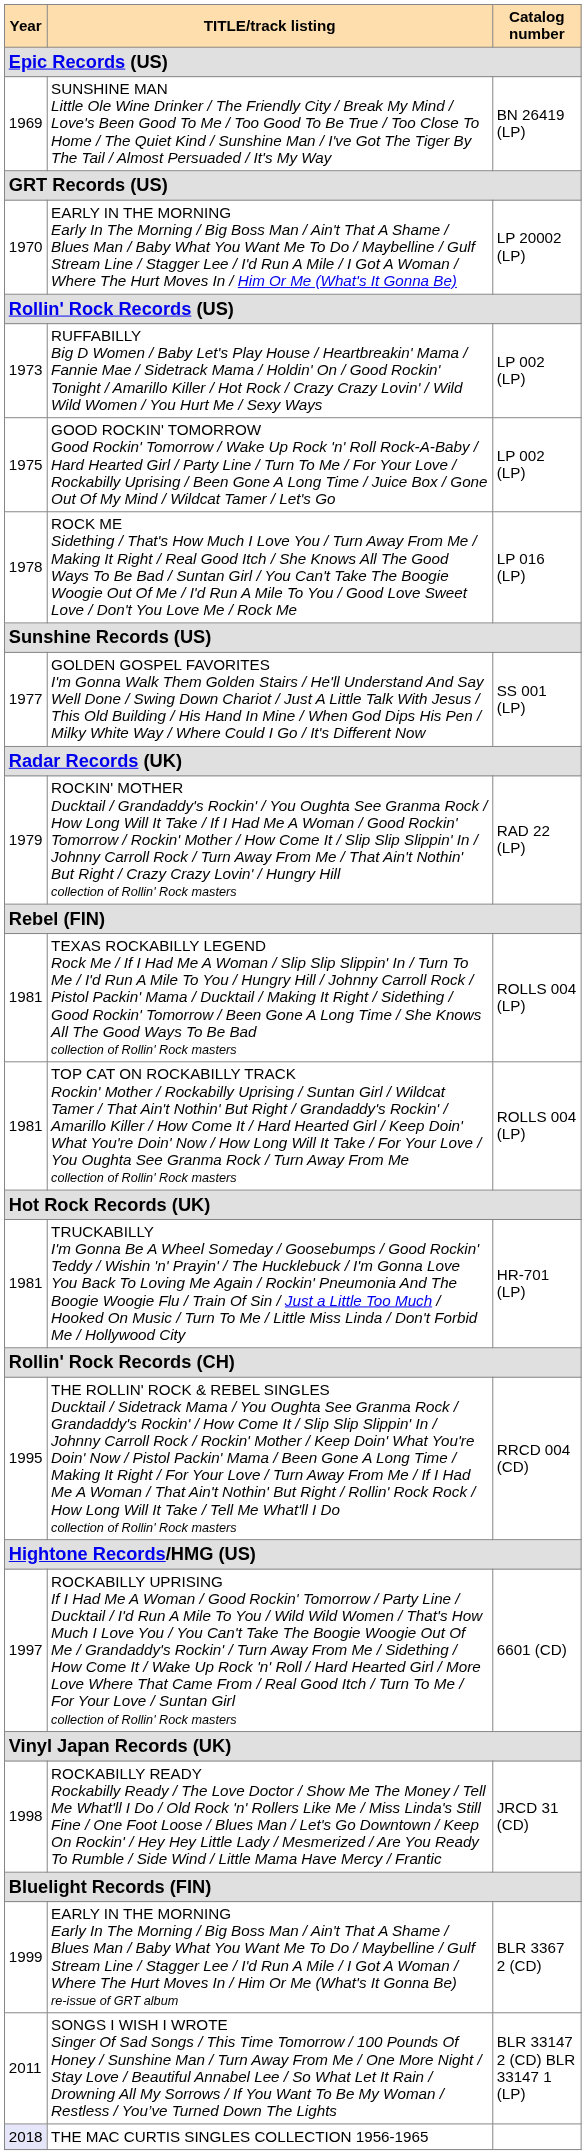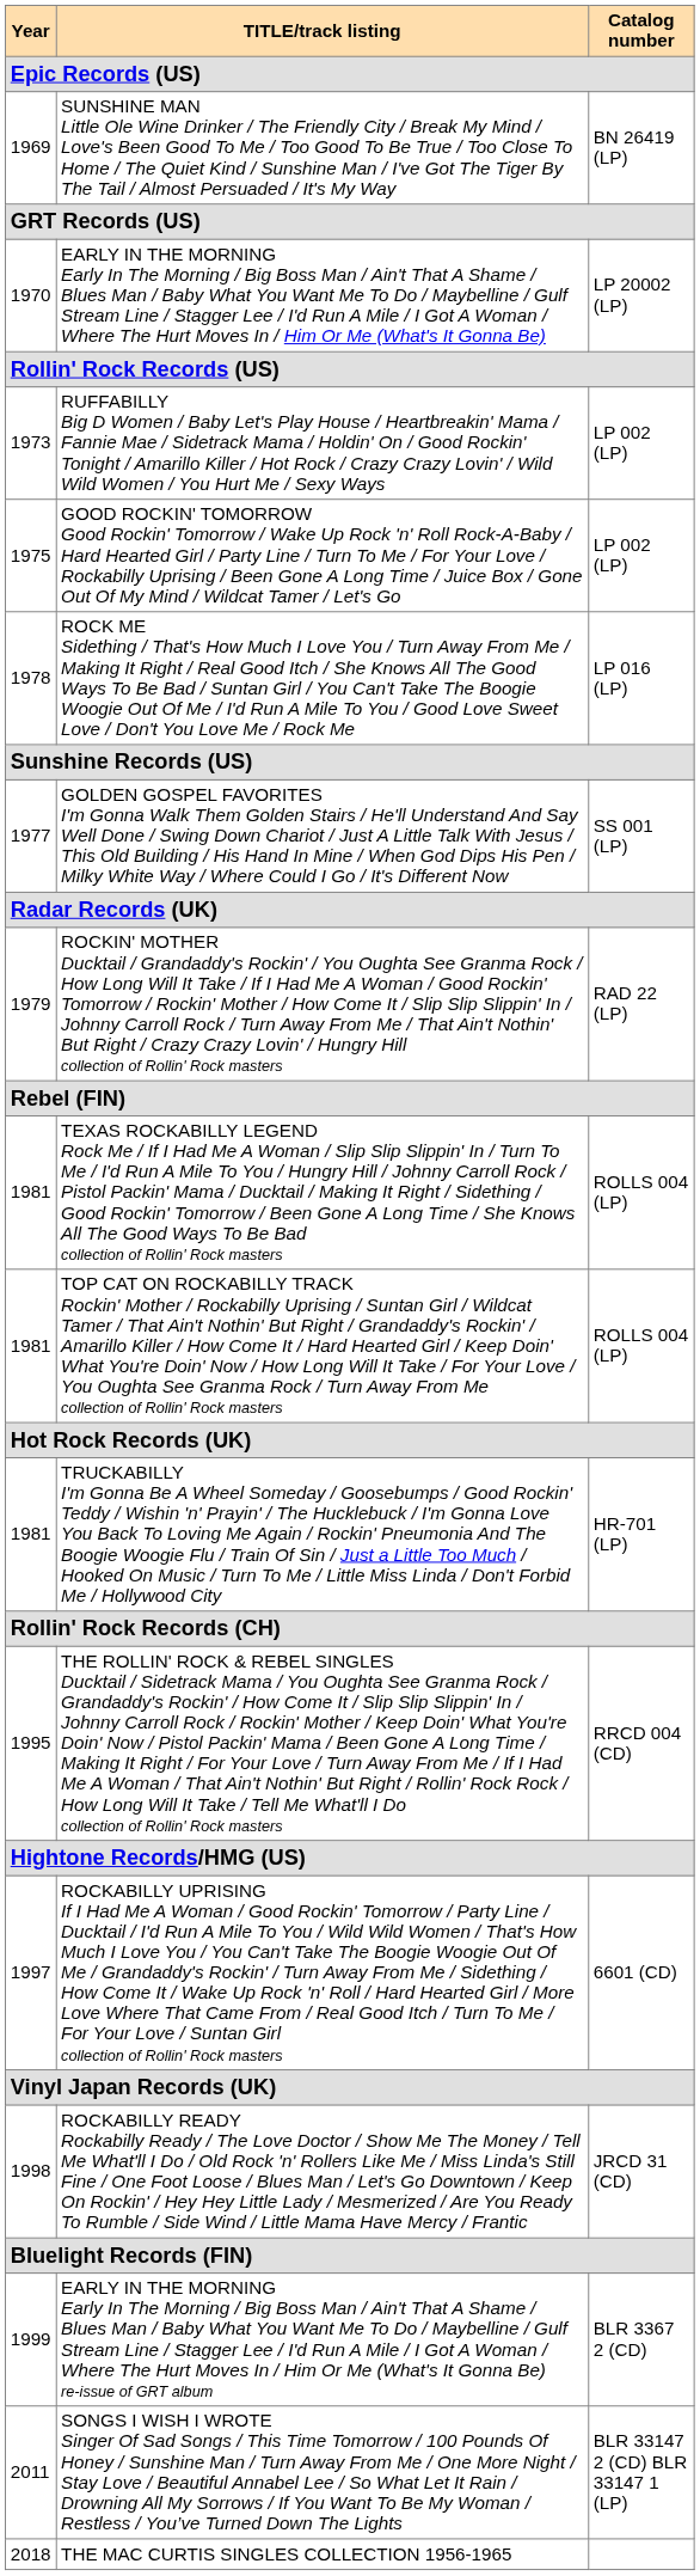 <table border="2" cellspacing="0" cellpadding="4" rules="all"  style="margin:1em 1em 1em 0; border-style:solid; border-width:1px; border-collapse:collapse; empty-cells:show;  ">
 <tr bgcolor='#FFDEAD'>
 <th>Year</th>
 <th>TITLE/track listing</th>
 <th>Catalog number</th>
 </tr>
 <tr --->
 <td bgcolor='#E0E0E0' colspan='4' align='left'><big><strong><a href='#'>Epic Records</a> (US)</strong></big></td>
 </tr>
 <tr --->
 <td>1969</td>
 <td>SUNSHINE MAN<br><em>Little Ole Wine Drinker / The Friendly City / Break My Mind / Love's Been Good To Me / Too Good To Be True / Too Close To Home / The Quiet Kind / Sunshine Man / I've Got The Tiger By The Tail / Almost Persuaded / It's My Way</em></td>
 <td>BN 26419 (LP)</td>
 </tr>
 <tr --->
 <td bgcolor='#E0E0E0' colspan='4' align='left'><big><strong>GRT Records (US)</strong></big></td>
 </tr>
 <tr --->
 <td>1970</td>
 <td>EARLY IN THE MORNING<br><em>Early In The Morning / Big Boss Man / Ain't That A Shame / Blues Man / Baby What You Want Me To Do / Maybelline / Gulf Stream Line / Stagger Lee / I'd Run A Mile / I Got A Woman / Where The Hurt Moves In / <a href='#'>Him Or Me (What's It Gonna Be)</a></em></td>
 <td>LP 20002 (LP)</td>
 </tr>
 <tr --->
 <td bgcolor='#E0E0E0' colspan='4' align='left'><big><strong><a href='#'>Rollin' Rock Records</a> (US)</strong></big></td>
 </tr>
 <tr --->
 <td>1973</td>
 <td>RUFFABILLY<br><em>Big D Women / Baby Let's Play House / Heartbreakin' Mama / Fannie Mae / Sidetrack Mama / Holdin' On / Good Rockin' Tonight / Amarillo Killer / Hot Rock / Crazy Crazy Lovin' / Wild Wild Women / You Hurt Me / Sexy Ways</em></td>
 <td>LP 002 (LP)</td>
 </tr>
 <tr --->
 <td>1975</td>
 <td>GOOD ROCKIN' TOMORROW<br><em>Good Rockin' Tomorrow / Wake Up Rock 'n' Roll Rock-A-Baby / Hard Hearted Girl / Party Line / Turn To Me / For Your Love / Rockabilly Uprising / Been Gone A Long Time / Juice Box / Gone Out Of My Mind / Wildcat Tamer / Let's Go</em></td>
 <td>LP 002 (LP)</td>
 </tr>
 <tr --->
 <td>1978</td>
 <td>ROCK ME<br><em>Sidething / That's How Much I Love You / Turn Away From Me / Making It Right / Real Good Itch / She Knows All The Good Ways To Be Bad / Suntan Girl / You Can't Take The Boogie Woogie Out Of Me / I'd Run A Mile To You / Good Love Sweet Love / Don't You Love Me / Rock Me</em></td>
 <td>LP 016 (LP)</td>
 </tr>
 <tr --->
 <td bgcolor='#E0E0E0' colspan='4' align='left'><big><strong>Sunshine Records (US)</strong></big></td>
 </tr>
 <tr --->
 <td>1977</td>
 <td>GOLDEN GOSPEL FAVORITES<br><em>I'm Gonna Walk Them Golden Stairs / He'll Understand And Say Well Done / Swing Down Chariot / Just A Little Talk With Jesus / This Old Building / His Hand In Mine / When God Dips His Pen / Milky White Way / Where Could I Go / It's Different Now</em></td>
 <td>SS 001 (LP)</td>
 </tr>
 <tr --->
 <td bgcolor='#E0E0E0' colspan='4' align='left'><big><strong><a href='#'>Radar Records</a> (UK)</strong></big></td>
 </tr>
 <tr --->
 <td>1979</td>
 <td>ROCKIN' MOTHER<br><em>Ducktail / Grandaddy's Rockin' / You Oughta See Granma Rock / How Long Will It Take / If I Had Me A Woman / Good Rockin' Tomorrow / Rockin' Mother / How Come It / Slip Slip Slippin' In / Johnny Carroll Rock / Turn Away From Me / That Ain't Nothin' But Right / Crazy Crazy Lovin' / Hungry Hill <br><small>collection of Rollin' Rock masters</small></em></td>
 <td>RAD 22 (LP)</td>
 </tr>
 <tr --->
 <td bgcolor='#E0E0E0' colspan='4' align='left'><big><strong>Rebel (FIN)</strong></big></td>
 </tr>
 <tr --->
 <td>1981</td>
 <td>TEXAS ROCKABILLY LEGEND<br><em>Rock Me / If I Had Me A Woman / Slip Slip Slippin' In / Turn To Me / I'd Run A Mile To You / Hungry Hill / Johnny Carroll Rock / Pistol Packin' Mama / Ducktail / Making It Right / Sidething / Good Rockin' Tomorrow / Been Gone A Long Time / She Knows All The Good Ways To Be Bad <br><small>collection of Rollin' Rock masters</small></em></td>
 <td>ROLLS 004 (LP)</td>
 </tr>
 <tr --->
 <td>1981</td>
 <td>TOP CAT ON ROCKABILLY TRACK<br><em>Rockin' Mother / Rockabilly Uprising / Suntan Girl / Wildcat Tamer / That Ain't Nothin' But Right / Grandaddy's Rockin' / Amarillo Killer / How Come It / Hard Hearted Girl / Keep Doin' What You're Doin' Now / How Long Will It Take / For Your Love / You Oughta See Granma Rock / Turn Away From Me <br><small>collection of Rollin' Rock masters</small></em></td>
 <td>ROLLS 004 (LP)</td>
 </tr>
 <tr --->
 <td bgcolor='#E0E0E0' colspan='4' align='left'><big><strong>Hot Rock Records (UK)</strong></big></td>
 </tr>
 <tr --->
 <td>1981</td>
 <td>TRUCKABILLY<br><em>I'm Gonna Be A Wheel Someday / Goosebumps / Good Rockin' Teddy / Wishin 'n' Prayin' / The Hucklebuck / I'm Gonna Love You Back To Loving Me Again / Rockin' Pneumonia And The Boogie Woogie Flu / Train Of Sin / <a href='#'>Just a Little Too Much</a> / Hooked On Music / Turn To Me / Little Miss Linda / Don't Forbid Me / Hollywood City</em></td>
 <td>HR-701 (LP)</td>
 </tr>
 <tr --->
 <td bgcolor='#E0E0E0' colspan='4' align='left'><big><strong>Rollin' Rock Records (CH)</strong></big></td>
 </tr>
 <tr --->
 <td>1995</td>
 <td>THE ROLLIN' ROCK & REBEL SINGLES<br><em>Ducktail / Sidetrack Mama / You Oughta See Granma Rock / Grandaddy's Rockin' / How Come It / Slip Slip Slippin' In / Johnny Carroll Rock / Rockin' Mother / Keep Doin' What You're Doin' Now / Pistol Packin' Mama / Been Gone A Long Time / Making It Right / For Your Love / Turn Away From Me / If I Had Me A Woman / That Ain't Nothin' But Right / Rollin' Rock Rock / How Long Will It Take / Tell Me What'll I Do <br><small>collection of Rollin' Rock masters</small></em></td>
 <td>RRCD 004 (CD)</td>
 </tr>
 <tr --->
 <td bgcolor='#E0E0E0' colspan='4' align='left'><big><strong><a href='#'>Hightone Records</a>/HMG (US)</strong></big></td>
 </tr>
 <tr --->
 <td>1997</td>
 <td>ROCKABILLY UPRISING<br><em>If I Had Me A Woman / Good Rockin' Tomorrow / Party Line / Ducktail / I'd Run A Mile To You / Wild Wild Women / That's How Much I Love You / You Can't Take The Boogie Woogie Out Of Me / Grandaddy's Rockin' / Turn Away From Me / Sidething / How Come It / Wake Up Rock 'n' Roll / Hard Hearted Girl / More Love Where That Came From / Real Good Itch / Turn To Me / For Your Love / Suntan Girl <br><small>collection of Rollin' Rock masters</small></em></td>
 <td>6601 (CD)</td>
 </tr>
 <tr --->
 <td bgcolor='#E0E0E0' colspan='4' align='left'><big><strong>Vinyl Japan Records (UK)</strong></big></td>
 </tr>
 <tr --->
 <td>1998</td>
 <td>ROCKABILLY READY<br><em>Rockabilly Ready / The Love Doctor / Show Me The Money / Tell Me What'll I Do / Old Rock 'n' Rollers Like Me / Miss Linda's Still Fine / One Foot Loose / Blues Man / Let's Go Downtown / Keep On Rockin' / Hey Hey Little Lady / Mesmerized / Are You Ready To Rumble / Side Wind / Little Mama Have Mercy / Frantic</em></td>
 <td>JRCD 31 (CD)</td>
 </tr>
 <tr --->
 <td bgcolor='#E0E0E0' colspan='4' align='left'><big><strong>Bluelight Records (FIN)</strong></big></td>
 </tr>
 <tr --->
 <td>1999</td>
 <td>EARLY IN THE MORNING<br><em>Early In The Morning / Big Boss Man / Ain't That A Shame / Blues Man / Baby What You Want Me To Do / Maybelline / Gulf Stream Line / Stagger Lee / I'd Run A Mile / I Got A Woman / Where The Hurt Moves In / Him Or Me (What's It Gonna Be) <br><small>re-issue of GRT album</small></em></td>
 <td>BLR 3367 2 (CD)</td>
 </tr>
 <tr --->
 <td>2011</td>
 <td>SONGS I WISH I WROTE<br><em>Singer Of Sad Songs / This Time Tomorrow / 100 Pounds Of Honey / Sunshine Man / Turn Away From Me / One More Night / Stay Love / Beautiful Annabel Lee / So What Let It Rain / Drowning All My Sorrows / If You Want To Be My Woman / Restless / You’ve Turned Down The Lights</em></td>
 <td>BLR 33147 2 (CD) BLR 33147 1 (LP)</td>
 </tr>
 <tr --->
-<td style="background: lavender;">2018</td>
+<td>2018</td>
 <td>THE MAC CURTIS SINGLES COLLECTION 1956-1965</td>
 <td></td>
 </tr>
 </table>
